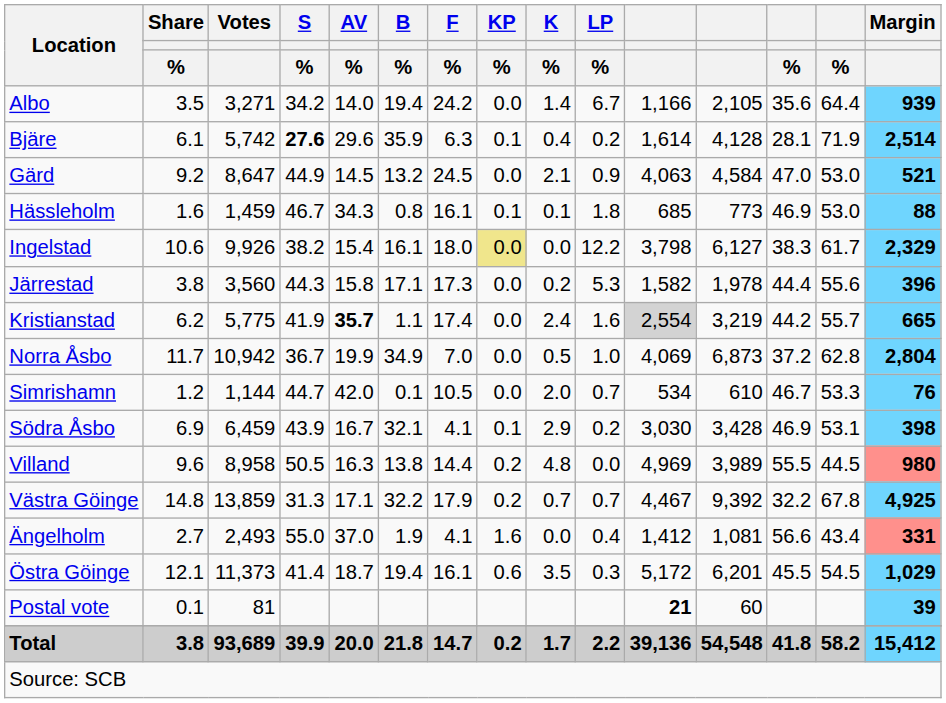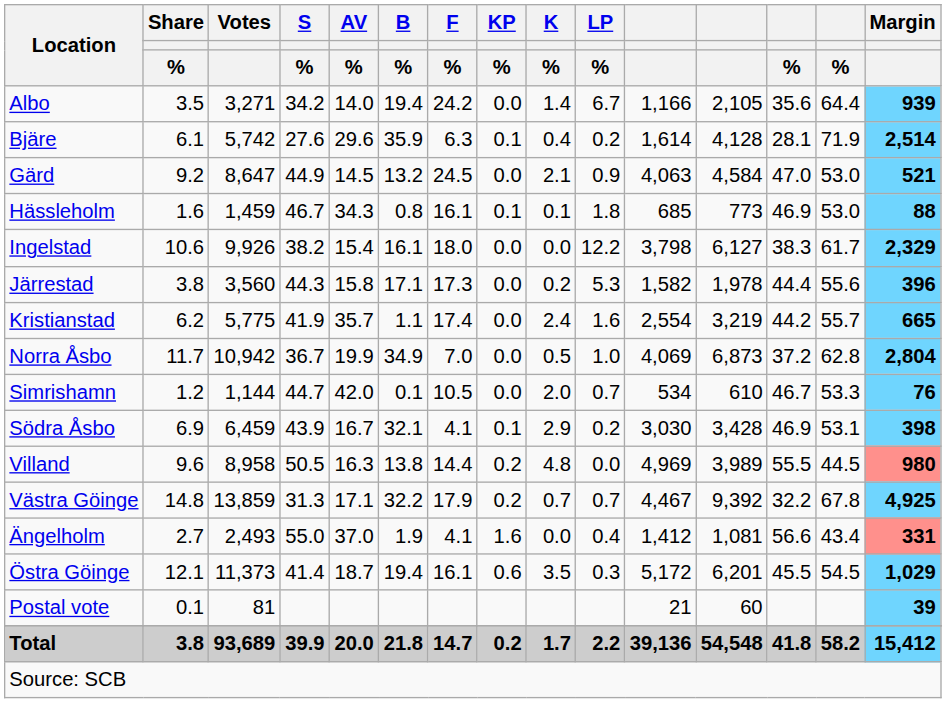 <table class="wikitable sortable" style="text-align:right; font-size:95%; line-height:20px;">
 <tr>
 <th rowspan="3">Location</th>
 <th>Share</th>
 <th>Votes</th>
 <th width="30px" class="unsortable"><a href='#'>S</a></th>
 <th width="30px" class="unsortable"><a href='#'>AV</a></th>
 <th width="30px" class="unsortable"><a href='#'>B</a></th>
 <th width="30px" class="unsortable"><a href='#'>F</a></th>
 <th width="30px" class="unsortable"><a href='#'>KP</a></th>
 <th width="30px" class="unsortable"><a href='#'>K</a></th>
 <th width="30px" class="unsortable"><a href='#'>LP</a></th>
 <th></th>
 <th></th>
 <th></th>
 <th></th>
 <th>Margin</th>
 </tr>
 <tr>
 <th></th>
 <th></th>
 <th style="background:"></th>
 <th style="background:"></th>
 <th style="background:"></th>
 <th style="background:"></th>
 <th style="background:"></th>
 <th style="background:"></th>
 <th style="background:"></th>
 <th style="background:"></th>
 <th style="background:"></th>
 <th style="background:"></th>
 <th style="background:"></th>
 <th></th>
 </tr>
 <tr>
 <th data-sort-type="number">%</th>
 <th></th>
 <th data-sort-type="number">%</th>
 <th data-sort-type="number">%</th>
 <th data-sort-type="number">%</th>
 <th data-sort-type="number">%</th>
 <th data-sort-type="number">%</th>
 <th data-sort-type="number">%</th>
 <th data-sort-type="number">%</th>
 <th></th>
 <th></th>
 <th data-sort-type="number">%</th>
 <th data-sort-type="number">%</th>
 <th></th>
 </tr>
 <tr>
 <td align=left><a href='#'>Albo</a></td>
 <td>3.5</td>
 <td>3,271</td>
 <td>34.2</td>
 <td>14.0</td>
 <td>19.4</td>
 <td>24.2</td>
 <td>0.0</td>
 <td>1.4</td>
 <td>6.7</td>
 <td>1,166</td>
 <td>2,105</td>
 <td>35.6</td>
 <td>64.4</td>
 <td bgcolor=#6fd5fe><strong>939</strong></td>
 </tr>
 <tr>
 <td align=left><a href='#'>Bjäre</a></td>
 <td>6.1</td>
 <td>5,742</td>
-<td><strong>27.6</strong></td>
+<td>27.6</td>
 <td>29.6</td>
 <td>35.9</td>
 <td>6.3</td>
 <td>0.1</td>
 <td>0.4</td>
 <td>0.2</td>
 <td>1,614</td>
 <td>4,128</td>
 <td>28.1</td>
 <td>71.9</td>
 <td bgcolor=#6fd5fe><strong>2,514</strong></td>
 </tr>
 <tr>
 <td align=left><a href='#'>Gärd</a></td>
 <td>9.2</td>
 <td>8,647</td>
 <td>44.9</td>
 <td>14.5</td>
 <td>13.2</td>
 <td>24.5</td>
 <td>0.0</td>
 <td>2.1</td>
 <td>0.9</td>
 <td>4,063</td>
 <td>4,584</td>
 <td>47.0</td>
 <td>53.0</td>
 <td bgcolor=#6fd5fe><strong>521</strong></td>
 </tr>
 <tr>
 <td align=left><a href='#'>Hässleholm</a></td>
 <td>1.6</td>
 <td>1,459</td>
 <td>46.7</td>
 <td>34.3</td>
 <td>0.8</td>
 <td>16.1</td>
 <td>0.1</td>
 <td>0.1</td>
 <td>1.8</td>
 <td>685</td>
 <td>773</td>
 <td>46.9</td>
 <td>53.0</td>
 <td bgcolor=#6fd5fe><strong>88</strong></td>
 </tr>
 <tr>
 <td align=left><a href='#'>Ingelstad</a></td>
 <td>10.6</td>
 <td>9,926</td>
 <td>38.2</td>
 <td>15.4</td>
 <td>16.1</td>
 <td>18.0</td>
-<td style="background: khaki;">0.0</td>
+<td>0.0</td>
 <td>0.0</td>
 <td>12.2</td>
 <td>3,798</td>
 <td>6,127</td>
 <td>38.3</td>
 <td>61.7</td>
 <td bgcolor=#6fd5fe><strong>2,329</strong></td>
 </tr>
 <tr>
 <td align=left><a href='#'>Järrestad</a></td>
 <td>3.8</td>
 <td>3,560</td>
 <td>44.3</td>
 <td>15.8</td>
 <td>17.1</td>
 <td>17.3</td>
 <td>0.0</td>
 <td>0.2</td>
 <td>5.3</td>
 <td>1,582</td>
 <td>1,978</td>
 <td>44.4</td>
 <td>55.6</td>
 <td bgcolor=#6fd5fe><strong>396</strong></td>
 </tr>
 <tr>
 <td align=left><a href='#'>Kristianstad</a></td>
 <td>6.2</td>
 <td>5,775</td>
 <td>41.9</td>
-<td><strong>35.7</strong></td>
+<td>35.7</td>
 <td>1.1</td>
 <td>17.4</td>
 <td>0.0</td>
 <td>2.4</td>
 <td>1.6</td>
-<td style="background: lightgrey;">2,554</td>
+<td>2,554</td>
 <td>3,219</td>
 <td>44.2</td>
 <td>55.7</td>
 <td bgcolor=#6fd5fe><strong>665</strong></td>
 </tr>
 <tr>
 <td align=left><a href='#'>Norra Åsbo</a></td>
 <td>11.7</td>
 <td>10,942</td>
 <td>36.7</td>
 <td>19.9</td>
 <td>34.9</td>
 <td>7.0</td>
 <td>0.0</td>
 <td>0.5</td>
 <td>1.0</td>
 <td>4,069</td>
 <td>6,873</td>
 <td>37.2</td>
 <td>62.8</td>
 <td bgcolor=#6fd5fe><strong>2,804</strong></td>
 </tr>
 <tr>
 <td align=left><a href='#'>Simrishamn</a></td>
 <td>1.2</td>
 <td>1,144</td>
 <td>44.7</td>
 <td>42.0</td>
 <td>0.1</td>
 <td>10.5</td>
 <td>0.0</td>
 <td>2.0</td>
 <td>0.7</td>
 <td>534</td>
 <td>610</td>
 <td>46.7</td>
 <td>53.3</td>
 <td bgcolor=#6fd5fe><strong>76</strong></td>
 </tr>
 <tr>
 <td align=left><a href='#'>Södra Åsbo</a></td>
 <td>6.9</td>
 <td>6,459</td>
 <td>43.9</td>
 <td>16.7</td>
 <td>32.1</td>
 <td>4.1</td>
 <td>0.1</td>
 <td>2.9</td>
 <td>0.2</td>
 <td>3,030</td>
 <td>3,428</td>
 <td>46.9</td>
 <td>53.1</td>
 <td bgcolor=#6fd5fe><strong>398</strong></td>
 </tr>
 <tr>
 <td align=left><a href='#'>Villand</a></td>
 <td>9.6</td>
 <td>8,958</td>
 <td>50.5</td>
 <td>16.3</td>
 <td>13.8</td>
 <td>14.4</td>
 <td>0.2</td>
 <td>4.8</td>
 <td>0.0</td>
 <td>4,969</td>
 <td>3,989</td>
 <td>55.5</td>
 <td>44.5</td>
 <td bgcolor=#ff908c><strong>980</strong></td>
 </tr>
 <tr>
 <td align=left><a href='#'>Västra Göinge</a></td>
 <td>14.8</td>
 <td>13,859</td>
 <td>31.3</td>
 <td>17.1</td>
 <td>32.2</td>
 <td>17.9</td>
 <td>0.2</td>
 <td>0.7</td>
 <td>0.7</td>
 <td>4,467</td>
 <td>9,392</td>
 <td>32.2</td>
 <td>67.8</td>
 <td bgcolor=#6fd5fe><strong>4,925</strong></td>
 </tr>
 <tr>
 <td align=left><a href='#'>Ängelholm</a></td>
 <td>2.7</td>
 <td>2,493</td>
 <td>55.0</td>
 <td>37.0</td>
 <td>1.9</td>
 <td>4.1</td>
 <td>1.6</td>
 <td>0.0</td>
 <td>0.4</td>
 <td>1,412</td>
 <td>1,081</td>
 <td>56.6</td>
 <td>43.4</td>
 <td bgcolor=#ff908c><strong>331</strong></td>
 </tr>
 <tr>
 <td align=left><a href='#'>Östra Göinge</a></td>
 <td>12.1</td>
 <td>11,373</td>
 <td>41.4</td>
 <td>18.7</td>
 <td>19.4</td>
 <td>16.1</td>
 <td>0.6</td>
 <td>3.5</td>
 <td>0.3</td>
 <td>5,172</td>
 <td>6,201</td>
 <td>45.5</td>
 <td>54.5</td>
 <td bgcolor=#6fd5fe><strong>1,029</strong></td>
 </tr>
 <tr>
 <td align=left><a href='#'>Postal vote</a></td>
 <td>0.1</td>
 <td>81</td>
 <td></td>
 <td></td>
 <td></td>
 <td></td>
 <td></td>
 <td></td>
 <td></td>
-<td><strong>21</strong></td>
+<td>21</td>
 <td>60</td>
 <td></td>
 <td></td>
 <td bgcolor=#6fd5fe><strong>39</strong></td>
 </tr>
 <tr>
 </tr>
 <tr style="background:#CDCDCD;">
 <td align=left><strong>Total</strong></td>
 <td><strong>3.8</strong></td>
 <td><strong>93,689</strong></td>
 <td><strong>39.9</strong></td>
 <td><strong>20.0</strong></td>
 <td><strong>21.8</strong></td>
 <td><strong>14.7</strong></td>
 <td><strong>0.2</strong></td>
 <td><strong>1.7</strong></td>
 <td><strong>2.2</strong></td>
 <td><strong>39,136</strong></td>
 <td><strong>54,548</strong></td>
 <td><strong>41.8</strong></td>
 <td><strong>58.2</strong></td>
 <td bgcolor=#6fd5fe><strong>15,412</strong></td>
 </tr>
 <tr>
 <td align=left colspan=15>Source: SCB </td>
 </tr>
 </table>
